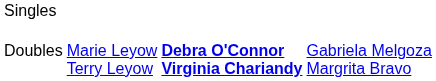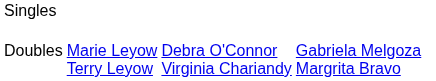 <table>
 <tr>
 <td>Singles</td>
 <td></td>
 <td></td>
 <td></td>
 </tr>
 <tr>
 <td>Doubles</td>
 <td><br><a href='#'>Marie Leyow</a><br><a href='#'>Terry Leyow</a></td>
-<td><strong><br><a href='#'>Debra O'Connor</a><br><a href='#'>Virginia Chariandy</a></strong></td>
+<td><br><a href='#'>Debra O'Connor</a><br><a href='#'>Virginia Chariandy</a></td>
 <td><br><a href='#'>Gabriela Melgoza</a><br><a href='#'>Margrita Bravo</a></td>
 </tr>
 <tr>
 </tr>
 </table>
